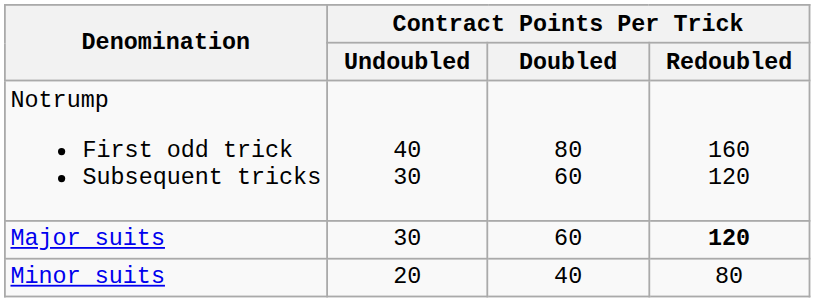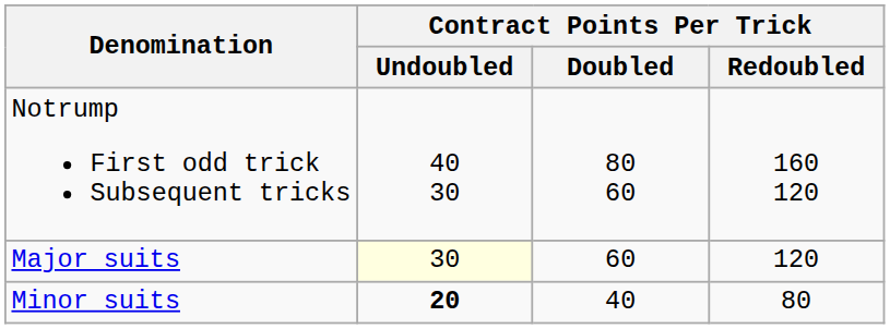 <table class="wikitable" title="Contract points">
 <tr>
 <th rowspan="2" width=40%>Denomination</th>
 <th colspan="3">Contract Points Per Trick</th>
 </tr>
 <tr>
 <th width=20%>Undoubled</th>
 <th width=20%>Doubled</th>
 <th width=20%>Redoubled</th>
 </tr>
 <tr align=center>
 <td align=left>Notrump<br><ul><li>First odd trick</li><li>Subsequent tricks</li></ul></td>
 <td><br>40<br>30</td>
 <td><br>80<br>60</td>
 <td><br>160<br>120</td>
 </tr>
 <tr align=center>
 <td align=left><a href='#'>Major suits</a></td>
-<td>30</td>
+<td style="background: lightyellow;">30</td>
 <td>60</td>
-<td><strong>120</strong></td>
+<td>120</td>
 </tr>
 <tr align=center>
 <td align=left><a href='#'>Minor suits</a></td>
-<td>20</td>
+<td><strong>20</strong></td>
 <td>40</td>
 <td>80</td>
 </tr>
 </table>
